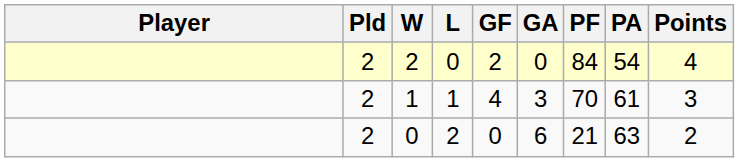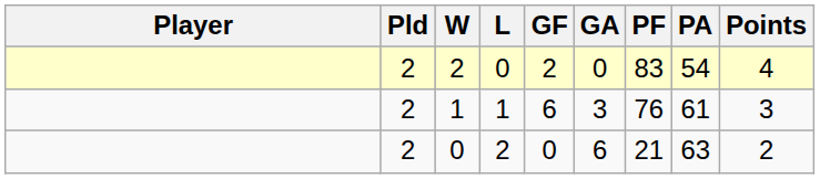 <table class=wikitable style="text-align:center;">
 <tr>
 <th width=220>Player</th>
 <th width=20>Pld</th>
 <th width=20>W</th>
 <th width=20>L</th>
 <th width=20>GF</th>
 <th width=20>GA</th>
 <th width=20>PF</th>
 <th width=20>PA</th>
 <th width=50>Points</th>
 </tr>
 <tr bgcolor=#ffffcc>
 <td style="text-align:left;"></td>
 <td>2</td>
 <td>2</td>
 <td>0</td>
 <td>2</td>
 <td>0</td>
-<td>84</td>
+<td>83</td>
 <td>54</td>
 <td>4</td>
 </tr>
 <tr>
 <td style="text-align:left;"></td>
 <td>2</td>
 <td>1</td>
 <td>1</td>
-<td>4</td>
+<td>6</td>
 <td>3</td>
-<td>70</td>
+<td>76</td>
 <td>61</td>
 <td>3</td>
 </tr>
 <tr>
 <td style="text-align:left;"></td>
 <td>2</td>
 <td>0</td>
 <td>2</td>
 <td>0</td>
 <td>6</td>
 <td>21</td>
 <td>63</td>
 <td>2</td>
 </tr>
 </table>
